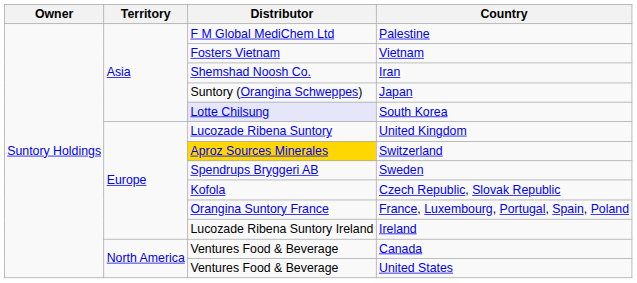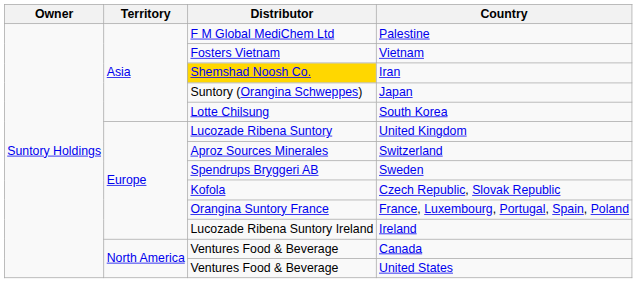 <table class="wikitable">
 <tr>
 <th>Owner</th>
 <th>Territory</th>
 <th>Distributor</th>
 <th>Country</th>
 </tr>
 <tr>
 <td rowspan="13"><a href='#'>Suntory Holdings</a></td>
 <td rowspan="5"><a href='#'>Asia</a></td>
 <td><a href='#'>F M Global MediChem Ltd</a></td>
 <td><a href='#'>Palestine</a></td>
 </tr>
 <tr>
 <td><a href='#'>Fosters Vietnam</a></td>
 <td><a href='#'>Vietnam</a></td>
 </tr>
 <tr>
-<td><a href='#'>Shemshad Noosh Co.</a></td>
+<td style="background: gold;"><a href='#'>Shemshad Noosh Co.</a></td>
 <td><a href='#'>Iran</a></td>
 </tr>
 <tr>
 <td>Suntory (<a href='#'>Orangina Schweppes</a>)</td>
 <td><a href='#'>Japan</a></td>
 </tr>
 <tr>
-<td style="background: lavender;"><a href='#'>Lotte Chilsung</a></td>
+<td><a href='#'>Lotte Chilsung</a></td>
 <td><a href='#'>South Korea</a></td>
 </tr>
 <tr>
 <td rowspan="6"><a href='#'>Europe</a></td>
 <td><a href='#'>Lucozade Ribena Suntory</a></td>
 <td><a href='#'>United Kingdom</a></td>
 </tr>
 <tr>
-<td style="background: gold;"><a href='#'>Aproz Sources Minerales</a></td>
+<td><a href='#'>Aproz Sources Minerales</a></td>
 <td><a href='#'>Switzerland</a></td>
 </tr>
 <tr>
 <td><a href='#'>Spendrups Bryggeri AB</a></td>
 <td><a href='#'>Sweden</a></td>
 </tr>
 <tr>
 <td><a href='#'>Kofola</a></td>
 <td><a href='#'>Czech Republic</a>, <a href='#'>Slovak Republic</a></td>
 </tr>
 <tr>
 <td><a href='#'>Orangina Suntory France</a></td>
 <td><a href='#'>France</a>, <a href='#'>Luxembourg</a>, <a href='#'>Portugal</a>, <a href='#'>Spain</a>, <a href='#'>Poland</a></td>
 </tr>
 <tr>
 <td>Lucozade Ribena Suntory Ireland</td>
 <td><a href='#'>Ireland</a></td>
 </tr>
 <tr>
 <td rowspan="2"><a href='#'>North America</a></td>
 <td>Ventures Food & Beverage</td>
 <td><a href='#'>Canada</a></td>
 </tr>
 <tr>
 <td>Ventures Food & Beverage</td>
 <td><a href='#'>United States</a></td>
 </tr>
 </table>
